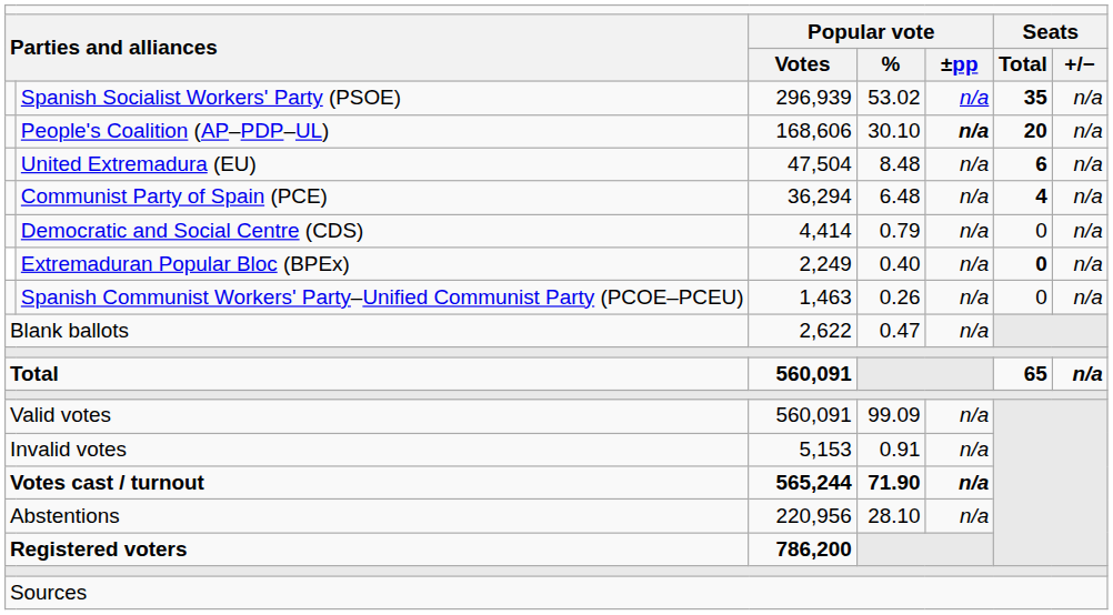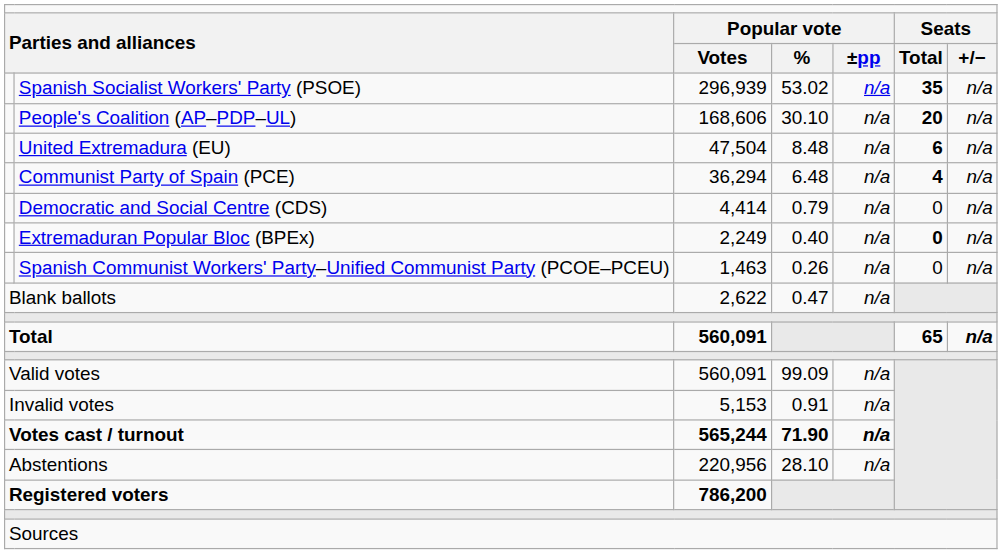 <table class="wikitable" style="text-align:right;">
 <tr>
 <td colspan="7"></td>
 </tr>
 <tr>
 <th style="text-align:left;" rowspan="2" colspan="2" width="525">Parties and alliances</th>
 <th colspan="3">Popular vote</th>
 <th colspan="2">Seats</th>
 </tr>
 <tr>
 <th width="75">Votes</th>
 <th width="45">%</th>
 <th width="45">±<a href='#'>pp</a></th>
 <th width="35">Total</th>
 <th width="35">+/−</th>
 </tr>
 <tr>
 <td width="1" style="color:inherit;background:"></td>
 <td align="left"><a href='#'>Spanish Socialist Workers' Party</a> (PSOE)</td>
 <td>296,939</td>
 <td>53.02</td>
 <td><em><a href='#'>n/a</a></em></td>
 <td><strong>35</strong></td>
 <td><em>n/a</em></td>
 </tr>
 <tr>
 <td style="color:inherit;background:"></td>
 <td align="left"><a href='#'>People's Coalition</a> (<a href='#'>AP</a>–<a href='#'>PDP</a>–<a href='#'>UL</a>)</td>
 <td>168,606</td>
 <td>30.10</td>
-<td><strong><em>n/a</em></strong></td>
+<td><em>n/a</em></td>
 <td><strong>20</strong></td>
 <td><em>n/a</em></td>
 </tr>
 <tr>
 <td style="color:inherit;background:"></td>
 <td align="left"><a href='#'>United Extremadura</a> (EU)</td>
 <td>47,504</td>
 <td>8.48</td>
 <td><em>n/a</em></td>
 <td><strong>6</strong></td>
 <td><em>n/a</em></td>
 </tr>
 <tr>
 <td style="color:inherit;background:"></td>
 <td align="left"><a href='#'>Communist Party of Spain</a> (PCE)</td>
 <td>36,294</td>
 <td>6.48</td>
 <td><em>n/a</em></td>
 <td><strong>4</strong></td>
 <td><em>n/a</em></td>
 </tr>
 <tr>
 <td style="color:inherit;background:"></td>
 <td align="left"><a href='#'>Democratic and Social Centre</a> (CDS)</td>
 <td>4,414</td>
 <td>0.79</td>
 <td><em>n/a</em></td>
 <td>0</td>
 <td><em>n/a</em></td>
 </tr>
 <tr>
 <td bgcolor="white"></td>
 <td align="left"><a href='#'>Extremaduran Popular Bloc</a> (BPEx)</td>
 <td>2,249</td>
 <td>0.40</td>
 <td><em>n/a</em></td>
 <td><strong>0</strong></td>
 <td><em>n/a</em></td>
 </tr>
 <tr>
 <td style="color:inherit;background:"></td>
 <td align="left"><a href='#'>Spanish Communist Workers' Party</a>–<a href='#'>Unified Communist Party</a> (PCOE–PCEU)</td>
 <td>1,463</td>
 <td>0.26</td>
 <td><em>n/a</em></td>
 <td>0</td>
 <td><em>n/a</em></td>
 </tr>
 <tr>
 <td align="left" colspan="2">Blank ballots</td>
 <td>2,622</td>
 <td>0.47</td>
 <td><em>n/a</em></td>
 <td bgcolor="#E9E9E9" colspan="2"></td>
 </tr>
 <tr>
 <td colspan="7" bgcolor="#E9E9E9"></td>
 </tr>
 <tr style="font-weight:bold;">
 <td align="left" colspan="2">Total</td>
 <td>560,091</td>
 <td bgcolor="#E9E9E9" colspan="2"></td>
 <td>65</td>
 <td><em>n/a</em></td>
 </tr>
 <tr>
 <td colspan="7" bgcolor="#E9E9E9"></td>
 </tr>
 <tr>
 <td align="left" colspan="2">Valid votes</td>
 <td>560,091</td>
 <td>99.09</td>
 <td><em>n/a</em></td>
 <td bgcolor="#E9E9E9" colspan="2" rowspan="5"></td>
 </tr>
 <tr>
 <td align="left" colspan="2">Invalid votes</td>
 <td>5,153</td>
 <td>0.91</td>
 <td><em>n/a</em></td>
 </tr>
 <tr style="font-weight:bold;">
 <td align="left" colspan="2">Votes cast / turnout</td>
 <td>565,244</td>
 <td>71.90</td>
 <td><em>n/a</em></td>
 </tr>
 <tr>
 <td align="left" colspan="2">Abstentions</td>
 <td>220,956</td>
 <td>28.10</td>
 <td><em>n/a</em></td>
 </tr>
 <tr style="font-weight:bold;">
 <td align="left" colspan="2">Registered voters</td>
 <td>786,200</td>
 <td bgcolor="#E9E9E9" colspan="2"></td>
 </tr>
 <tr>
 <td colspan="7" bgcolor="#E9E9E9"></td>
 </tr>
 <tr>
 <td align="left" colspan="7">Sources</td>
 </tr>
 </table>
